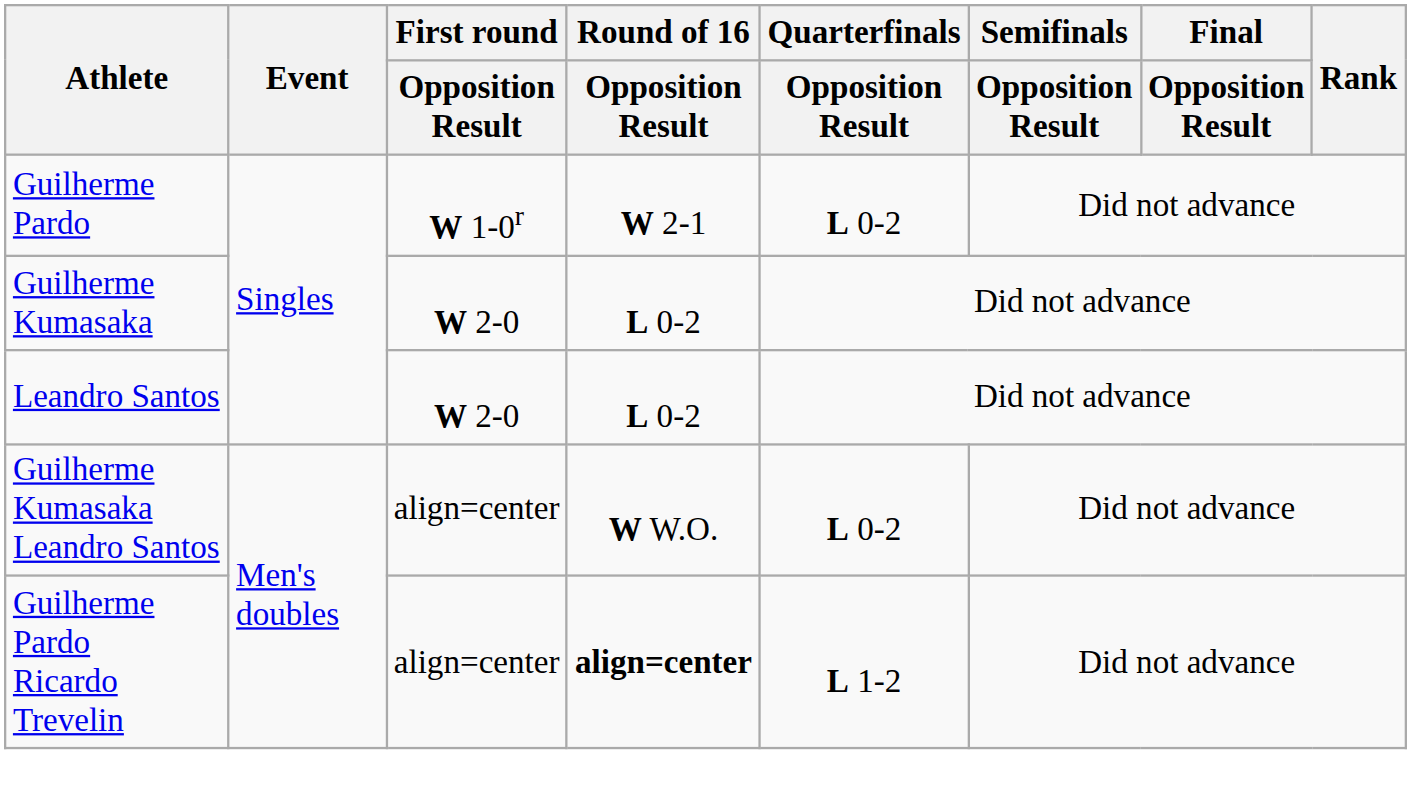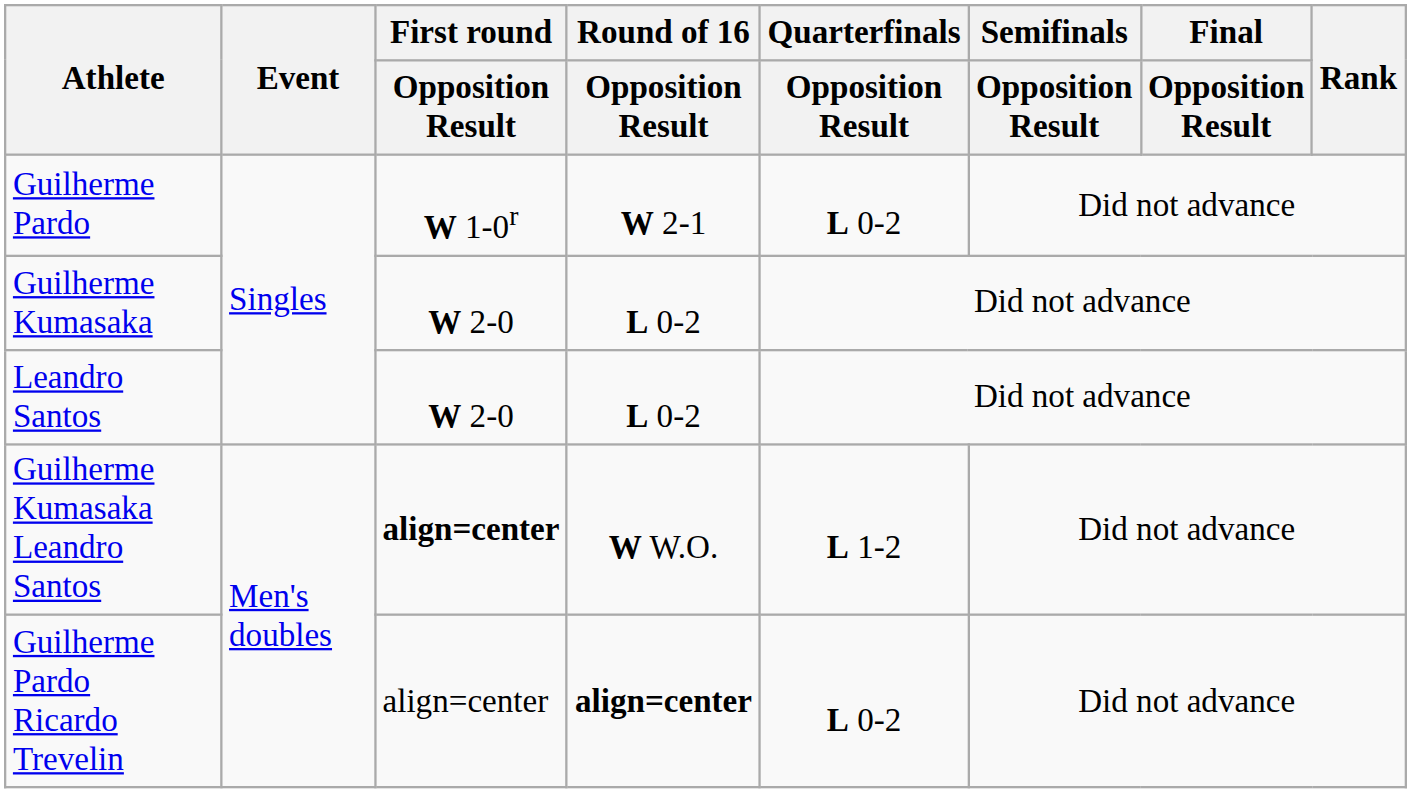 <table class="wikitable" style="font-size:90%">
 <tr>
 <th rowspan="2">Athlete</th>
 <th rowspan="2">Event</th>
 <th>First round</th>
 <th>Round of 16</th>
 <th>Quarterfinals</th>
 <th>Semifinals</th>
 <th>Final</th>
 <th rowspan="2">Rank</th>
 </tr>
 <tr>
 <th>Opposition<br>Result</th>
 <th>Opposition<br>Result</th>
 <th>Opposition<br>Result</th>
 <th>Opposition<br>Result</th>
 <th>Opposition<br>Result</th>
 </tr>
 <tr>
 <td><a href='#'>Guilherme Pardo</a></td>
 <td rowspan=3><a href='#'>Singles</a></td>
 <td align=center><br><strong>W</strong> 1-0<sup>r</sup></td>
 <td align=center><br><strong>W</strong> 2-1</td>
 <td align=center><br><strong>L</strong> 0-2</td>
 <td align=center colspan=3>Did not advance</td>
 </tr>
 <tr>
 <td><a href='#'>Guilherme Kumasaka</a></td>
 <td align=center><br><strong>W</strong> 2-0</td>
 <td align=center><br><strong>L</strong> 0-2</td>
 <td align=center colspan=4>Did not advance</td>
 </tr>
 <tr>
 <td><a href='#'>Leandro Santos</a></td>
 <td align=center><br><strong>W</strong> 2-0</td>
 <td align=center><br><strong>L</strong> 0-2</td>
 <td align=center colspan=4>Did not advance</td>
 </tr>
 <tr>
 <td><a href='#'>Guilherme Kumasaka</a><br><a href='#'>Leandro Santos</a></td>
 <td rowspan=2><a href='#'>Men's doubles</a></td>
-<td>align=center </td>
+<td><strong>align=center </strong></td>
 <td align=center><br> <strong>W</strong>  W.O.</td>
-<td align=center><br><strong>L</strong> 0-2</td>
+<td align=center><br><strong>L</strong> 1-2</td>
 <td align=center colspan=3>Did not advance</td>
 </tr>
 <tr>
 <td><a href='#'>Guilherme Pardo</a><br><a href='#'>Ricardo Trevelin</a></td>
 <td>align=center </td>
 <td><strong>align=center </strong></td>
-<td align=center><br><strong>L</strong> 1-2</td>
+<td align=center><br><strong>L</strong> 0-2</td>
 <td align=center colspan=3>Did not advance</td>
 </tr>
 </table>
